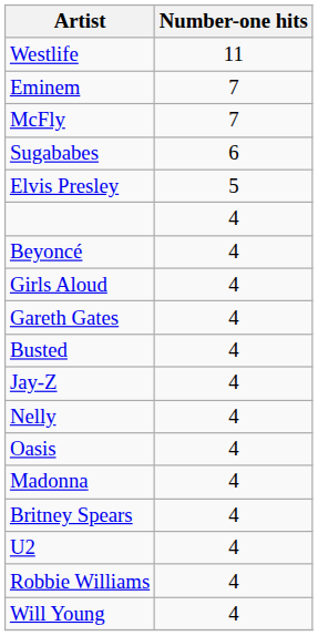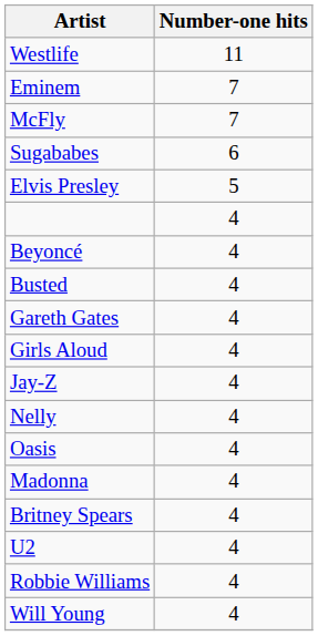 <table class="wikitable sortable" border="1" style="text-align: center;">
 <tr>
 <th>Artist</th>
 <th>Number-one hits</th>
 </tr>
 <tr>
 <td align=left><a href='#'>Westlife</a></td>
 <td>11</td>
 </tr>
 <tr>
 <td align=left><a href='#'>Eminem</a></td>
 <td>7</td>
 </tr>
 <tr>
 <td align=left><a href='#'>McFly</a></td>
 <td>7</td>
 </tr>
 <tr>
 <td align=left><a href='#'>Sugababes</a></td>
 <td>6</td>
 </tr>
 <tr>
 <td align=left><a href='#'>Elvis Presley</a></td>
 <td>5</td>
 </tr>
 <tr>
 <td align=left></td>
 <td>4</td>
 </tr>
 <tr>
 <td align=left><a href='#'>Beyoncé</a></td>
 <td>4</td>
 </tr>
 <tr>
-<td align=left><a href='#'>Girls Aloud</a></td>
+<td align=left><a href='#'>Busted</a></td>
 <td>4</td>
 </tr>
 <tr>
 <td align=left><a href='#'>Gareth Gates</a></td>
 <td>4</td>
 </tr>
 <tr>
-<td align=left><a href='#'>Busted</a></td>
+<td align=left><a href='#'>Girls Aloud</a></td>
 <td>4</td>
 </tr>
 <tr>
 <td align=left><a href='#'>Jay-Z</a></td>
 <td>4</td>
 </tr>
 <tr>
 <td align=left><a href='#'>Nelly</a></td>
 <td>4</td>
 </tr>
 <tr>
 <td align=left><a href='#'>Oasis</a></td>
 <td>4</td>
 </tr>
 <tr>
 <td align=left><a href='#'>Madonna</a></td>
 <td>4</td>
 </tr>
 <tr>
 <td align=left><a href='#'>Britney Spears</a></td>
 <td>4</td>
 </tr>
 <tr>
 <td align=left><a href='#'>U2</a></td>
 <td>4</td>
 </tr>
 <tr>
 <td align=left><a href='#'>Robbie Williams</a></td>
 <td>4</td>
 </tr>
 <tr>
 <td align=left><a href='#'>Will Young</a></td>
 <td>4</td>
 </tr>
 <tr>
 </tr>
 </table>
